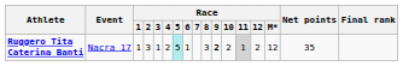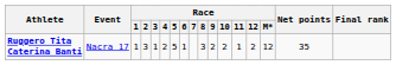 <table class="wikitable" style="font-size:90%">
 <tr>
 <th rowspan="2">Athlete</th>
 <th rowspan="2">Event</th>
 <th colspan=13>Race</th>
 <th rowspan=2>Net points</th>
 <th rowspan=2>Final rank</th>
 </tr>
 <tr style="font-size:95%">
 <th>1</th>
 <th>2</th>
 <th>3</th>
 <th>4</th>
 <th>5</th>
 <th>6</th>
 <th>7</th>
 <th>8</th>
 <th>9</th>
 <th>10</th>
 <th>11</th>
 <th>12</th>
 <th>M*</th>
 </tr>
 <tr align=center>
 <td align=left><strong><a href='#'>Ruggero Tita</a><br><a href='#'>Caterina Banti</a></strong></td>
 <td align=left><a href='#'>Nacra 17</a></td>
 <td>1</td>
 <td>3</td>
 <td>1</td>
 <td>2</td>
-<td style="background: paleturquoise;">5</td>
+<td>5</td>
 <td>1</td>
 <td></td>
 <td>3</td>
-<td><strong>2</strong></td>
 <td>2</td>
-<td style="background: lightgrey;">1</td>
+<td>2</td>
+<td>1</td>
 <td>2</td>
 <td>12</td>
 <td>35</td>
 <td></td>
 </tr>
 </table>
